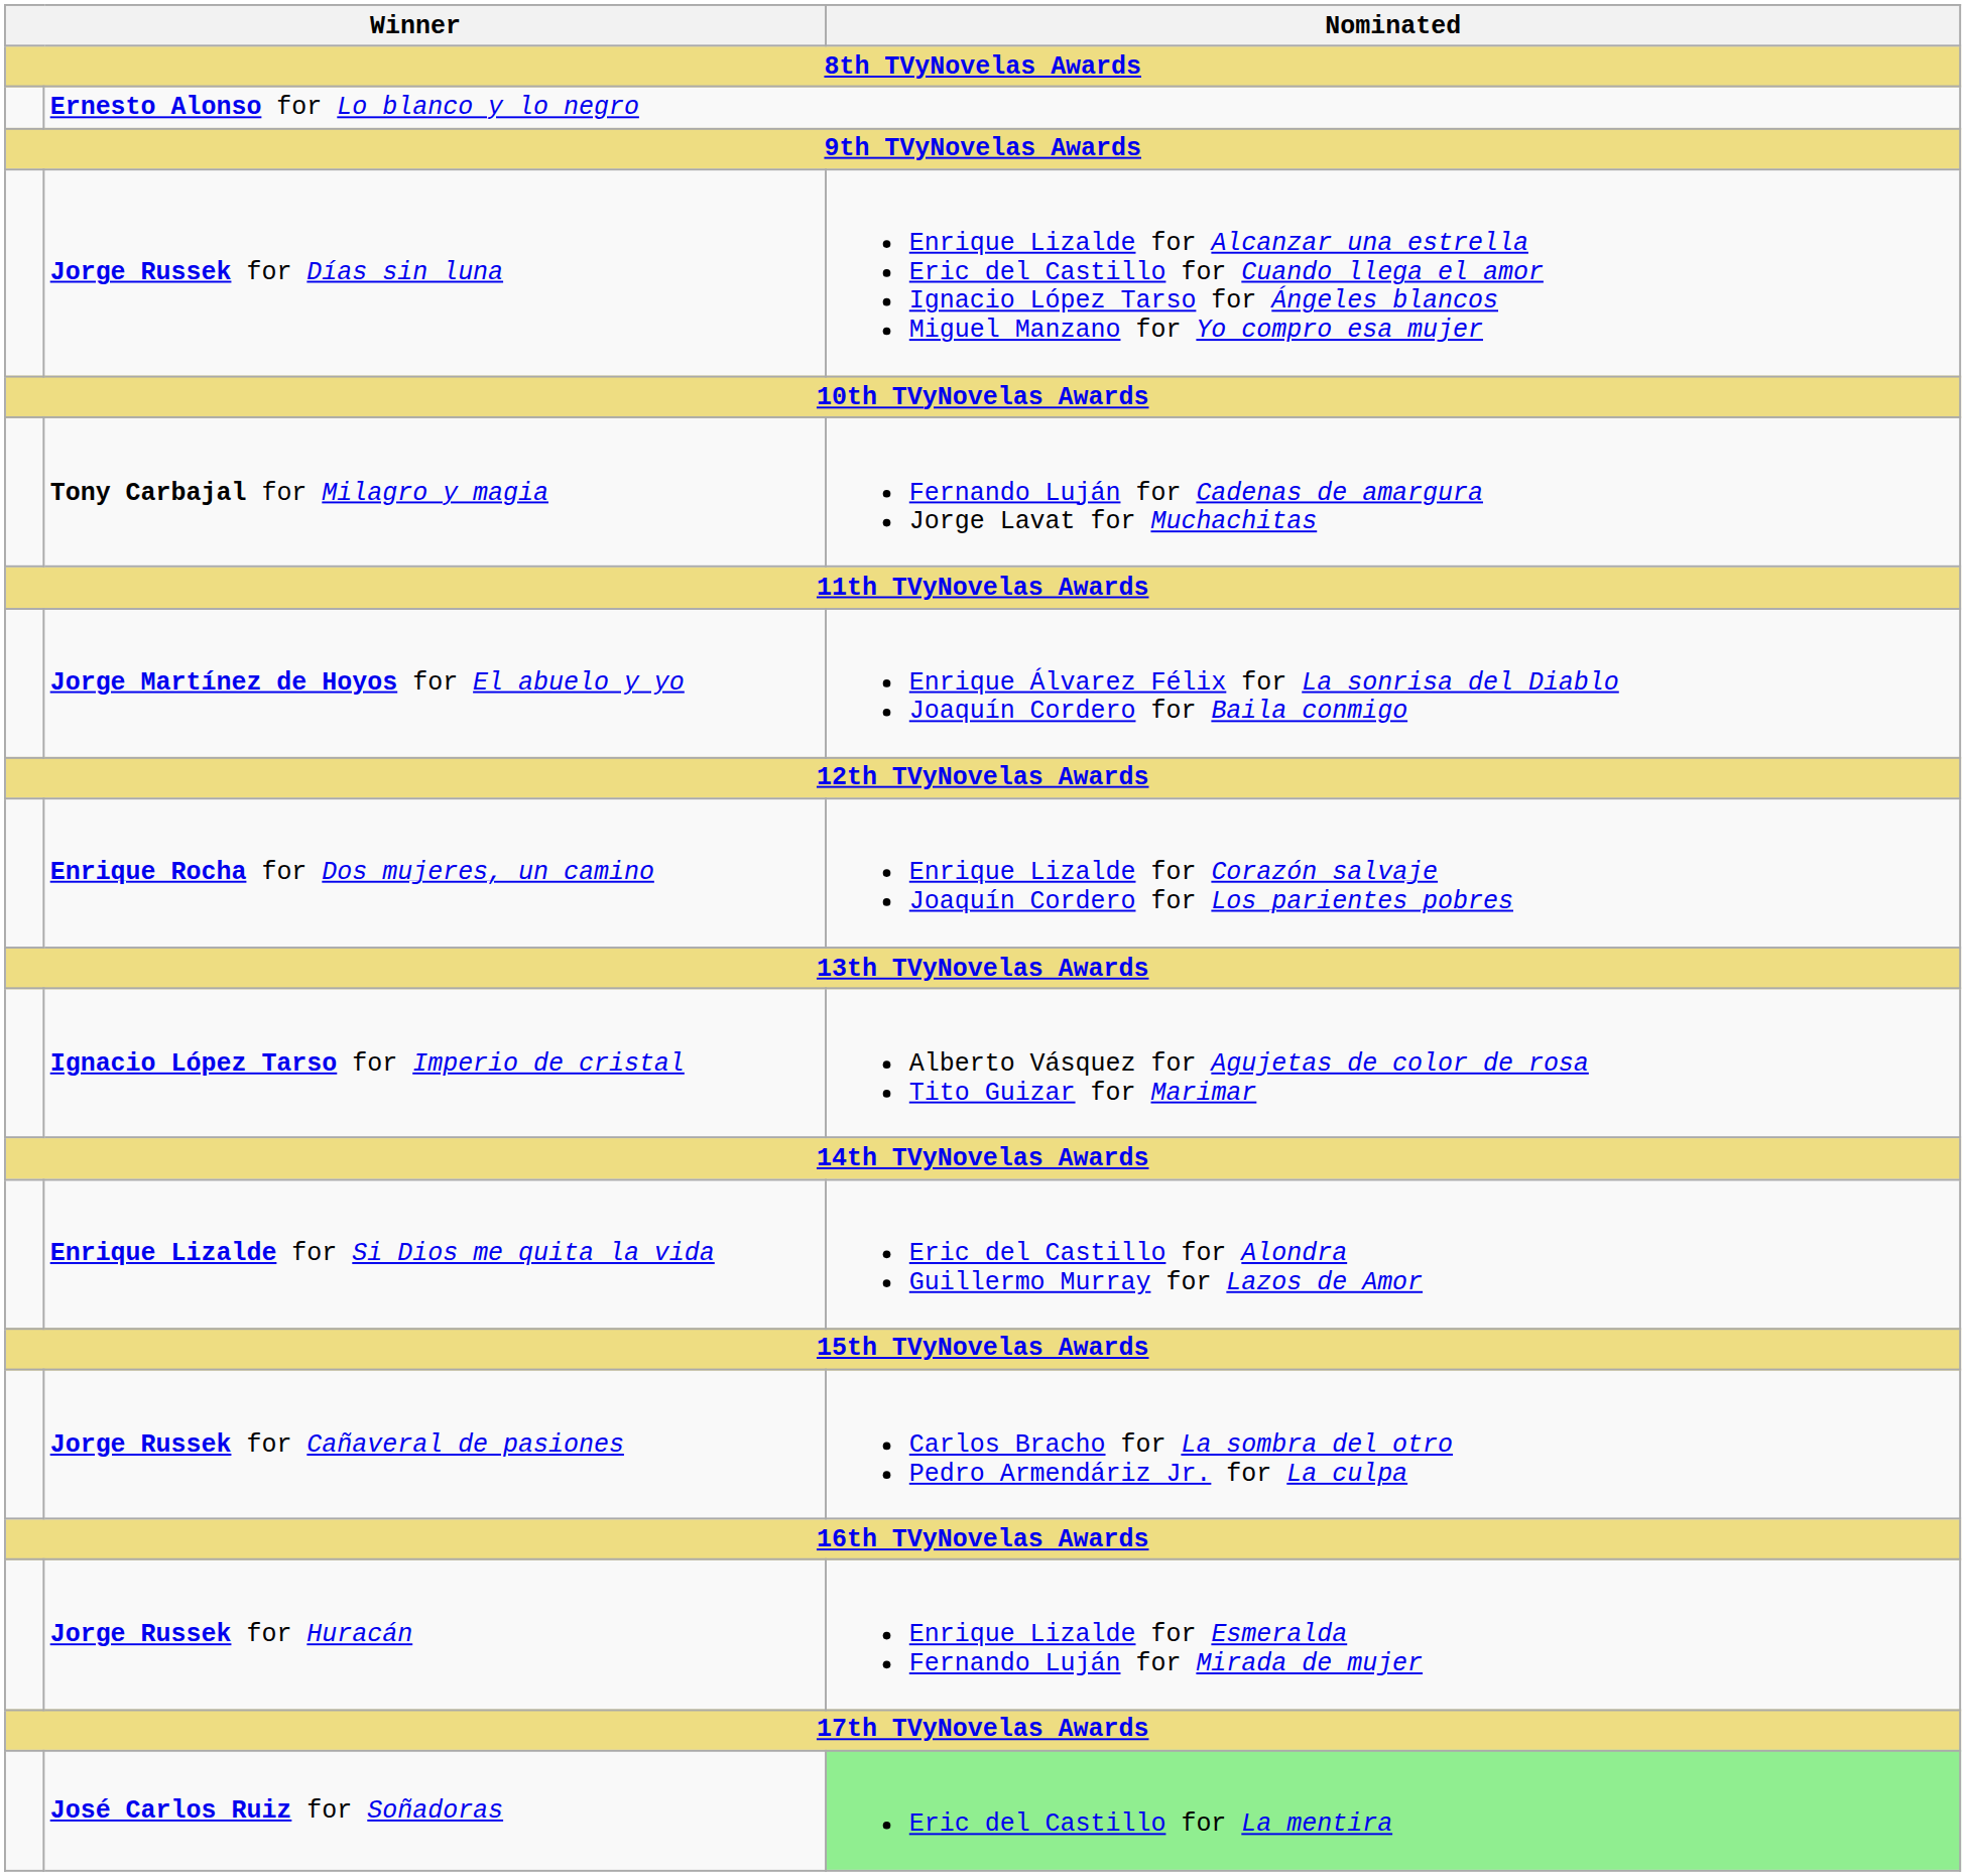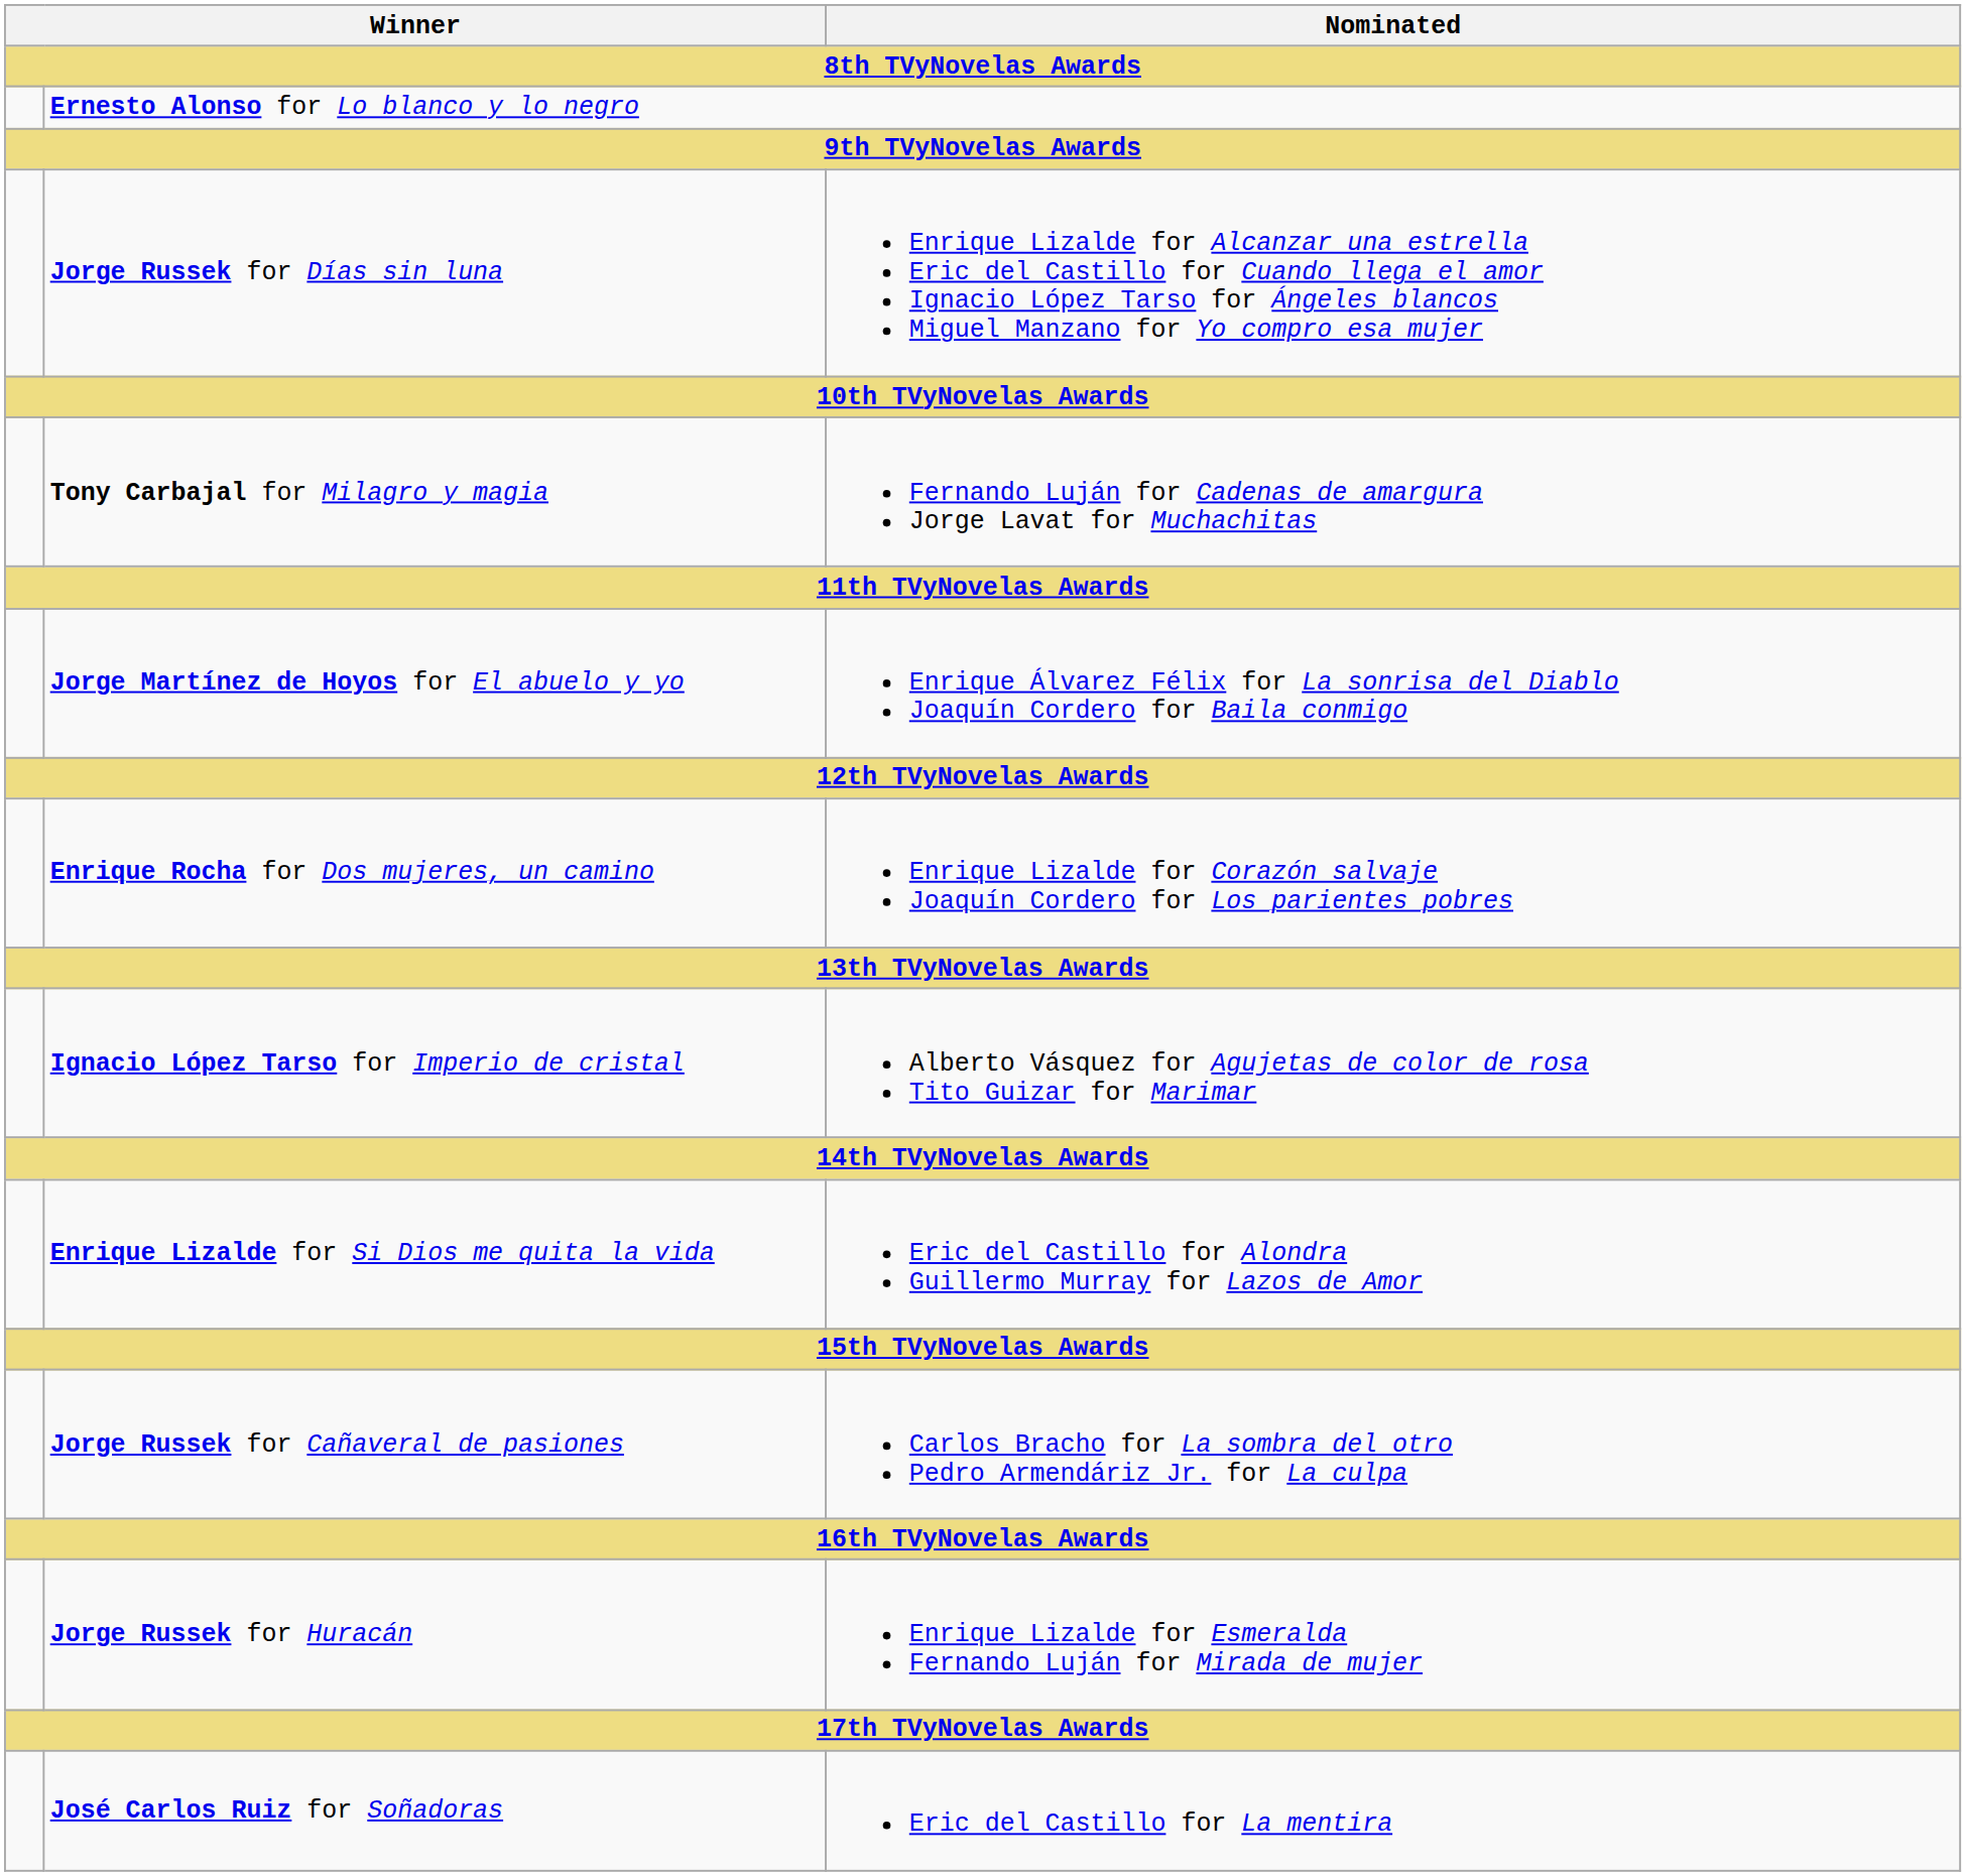 <table class="wikitable" width=80%>
 <tr align=center>
 <th width="150px;" colspan=2; align="center">Winner</th>
 <th width="580px;" align="center">Nominated</th>
 </tr>
 <tr>
 <th colspan=9 style="background:#EEDD82;"  align="center"><strong><a href='#'>8th TVyNovelas Awards</a></strong></th>
 </tr>
 <tr>
 <td width=2%></td>
 <td colspan=2><strong><a href='#'>Ernesto Alonso</a></strong> for <em><a href='#'>Lo blanco y lo negro</a></em></td>
 </tr>
 <tr>
 <th colspan=9 style="background:#EEDD82;"  align="center"><strong><a href='#'>9th TVyNovelas Awards</a></strong></th>
 </tr>
 <tr>
 <td width=2%></td>
 <td><strong><a href='#'>Jorge Russek</a></strong> for <em><a href='#'>Días sin luna</a></em></td>
 <td><br><ul><li><a href='#'>Enrique Lizalde</a> for <em><a href='#'>Alcanzar una estrella</a></em></li><li><a href='#'>Eric del Castillo</a> for <em><a href='#'>Cuando llega el amor</a></em></li><li><a href='#'>Ignacio López Tarso</a> for <em><a href='#'>Ángeles blancos</a></em></li><li><a href='#'>Miguel Manzano</a> for <em><a href='#'>Yo compro esa mujer</a></em></li></ul></td>
 </tr>
 <tr>
 <th colspan=9 style="background:#EEDD82;"  align="center"><strong><a href='#'>10th TVyNovelas Awards</a></strong></th>
 </tr>
 <tr>
 <td width=2%></td>
 <td><strong>Tony Carbajal</strong> for <em><a href='#'>Milagro y magia</a></em></td>
 <td><br><ul><li><a href='#'>Fernando Luján</a> for <em><a href='#'>Cadenas de amargura</a></em></li><li>Jorge Lavat for <em><a href='#'>Muchachitas</a></em></li></ul></td>
 </tr>
 <tr>
 <th colspan=9 style="background:#EEDD82;"  align="center"><strong><a href='#'>11th TVyNovelas Awards</a></strong></th>
 </tr>
 <tr>
 <td width=2%></td>
 <td><strong><a href='#'>Jorge Martínez de Hoyos</a></strong> for <em><a href='#'>El abuelo y yo</a></em></td>
 <td><br><ul><li><a href='#'>Enrique Álvarez Félix</a> for <em><a href='#'>La sonrisa del Diablo</a></em></li><li><a href='#'>Joaquín Cordero</a> for <em><a href='#'>Baila conmigo</a></em></li></ul></td>
 </tr>
 <tr>
 <th colspan=9 style="background:#EEDD82;"  align="center"><strong><a href='#'>12th TVyNovelas Awards</a></strong></th>
 </tr>
 <tr>
 <td width=2%></td>
 <td><strong><a href='#'>Enrique Rocha</a></strong> for <em><a href='#'>Dos mujeres, un camino</a></em></td>
 <td><br><ul><li><a href='#'>Enrique Lizalde</a> for <em><a href='#'>Corazón salvaje</a></em></li><li><a href='#'>Joaquín Cordero</a> for <em><a href='#'>Los parientes pobres</a></em></li></ul></td>
 </tr>
 <tr>
 <th colspan=9 style="background:#EEDD82;"  align="center"><strong><a href='#'>13th TVyNovelas Awards</a></strong></th>
 </tr>
 <tr>
 <td width=2%></td>
 <td><strong><a href='#'>Ignacio López Tarso</a></strong> for <em><a href='#'>Imperio de cristal</a></em></td>
 <td><br><ul><li>Alberto Vásquez  for <em><a href='#'>Agujetas de color de rosa</a></em></li><li><a href='#'>Tito Guizar</a> for <em><a href='#'>Marimar</a></em></li></ul></td>
 </tr>
 <tr>
 <th colspan=9 style="background:#EEDD82;"  align="center"><strong><a href='#'>14th TVyNovelas Awards</a></strong></th>
 </tr>
 <tr>
 <td width=2%></td>
 <td><strong><a href='#'>Enrique Lizalde</a></strong> for <em><a href='#'>Si Dios me quita la vida</a></em></td>
 <td><br><ul><li><a href='#'>Eric del Castillo</a>  for <em><a href='#'>Alondra</a></em></li><li><a href='#'>Guillermo Murray</a> for <em><a href='#'>Lazos de Amor</a></em></li></ul></td>
 </tr>
 <tr>
 <th colspan=9 style="background:#EEDD82;"  align="center"><strong><a href='#'>15th TVyNovelas Awards</a></strong></th>
 </tr>
 <tr>
 <td width=2%></td>
 <td><strong><a href='#'>Jorge Russek</a></strong> for <em><a href='#'>Cañaveral de pasiones</a></em></td>
 <td><br><ul><li><a href='#'>Carlos Bracho</a>  for <em><a href='#'>La sombra del otro</a></em></li><li><a href='#'>Pedro Armendáriz Jr.</a>  for <em><a href='#'>La culpa</a></em></li></ul></td>
 </tr>
 <tr>
 <th colspan=9 style="background:#EEDD82;"  align="center"><strong><a href='#'>16th TVyNovelas Awards</a></strong></th>
 </tr>
 <tr>
 <td width=2%></td>
 <td><strong><a href='#'>Jorge Russek</a></strong> for <em><a href='#'>Huracán</a></em></td>
 <td><br><ul><li><a href='#'>Enrique Lizalde</a> for <em><a href='#'>Esmeralda</a></em></li><li><a href='#'>Fernando Luján</a> for <em><a href='#'>Mirada de mujer</a></em></li></ul></td>
 </tr>
 <tr>
 <th colspan=9 style="background:#EEDD82;"  align="center"><strong><a href='#'>17th TVyNovelas Awards</a></strong></th>
 </tr>
 <tr>
 <td width=2%></td>
 <td><strong><a href='#'>José Carlos Ruiz</a></strong> for <em><a href='#'>Soñadoras</a></em></td>
-<td style="background: lightgreen;"><br><ul><li><a href='#'>Eric del Castillo</a> for <em><a href='#'>La mentira</a></em></li></ul></td>
+<td><br><ul><li><a href='#'>Eric del Castillo</a> for <em><a href='#'>La mentira</a></em></li></ul></td>
 </tr>
 </table>
